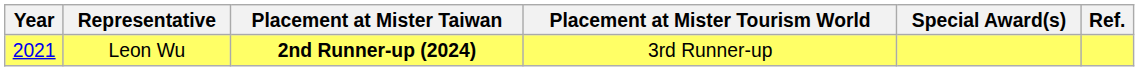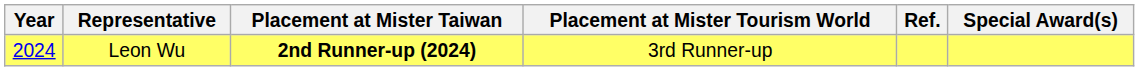 <table class="wikitable sortable" style="font-size: 85%;text-align:center" width="90%">
 <tr>
 <th>Year</th>
 <th>Representative</th>
 <th>Placement at Mister Taiwan</th>
 <th>Placement at Mister Tourism World</th>
+<th>Ref.</th>
 <th>Special Award(s)</th>
-<th>Ref.</th>
 </tr>
 <tr style="background-color:#FFFF66;">
-<td><a href='#'>2021</a></td>
+<td><a href='#'>2024</a></td>
 <td>Leon Wu</td>
 <td nowrap><strong>2nd Runner-up (2024)</strong></td>
 <td nowrap>3rd Runner-up</td>
+<td></td>
 <td style="background:;"></td>
-<td></td>
 </tr>
 </table>
